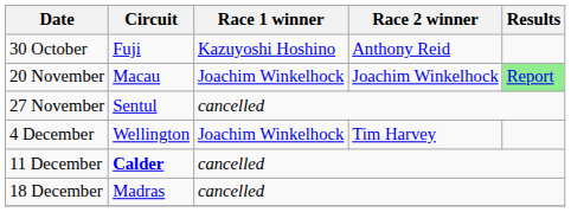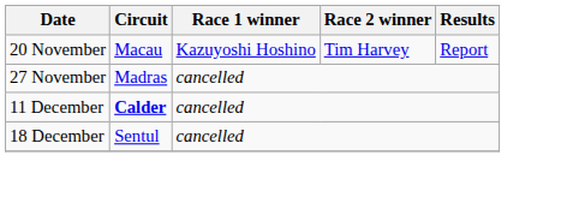 <table class="wikitable" style="font-size: 90%;">
 <tr Schedule>
 <th>Date</th>
 <th>Circuit</th>
 <th>Race 1 winner</th>
 <th>Race 2 winner</th>
 <th>Results</th>
 </tr>
 <tr>
-<td>30 October</td>
-<td> <a href='#'>Fuji</a></td>
-<td> <a href='#'>Kazuyoshi Hoshino</a></td>
-<td> <a href='#'>Anthony Reid</a></td>
-<td></td>
-</tr>
-<tr>
 <td>20 November</td>
 <td> <a href='#'>Macau</a></td>
-<td> <a href='#'>Joachim Winkelhock</a></td>
-<td> <a href='#'>Joachim Winkelhock</a></td>
-<td style="background: lightgreen;"><a href='#'>Report</a></td>
+<td> <a href='#'>Kazuyoshi Hoshino</a></td>
+<td> <a href='#'>Tim Harvey</a></td>
+<td><a href='#'>Report</a></td>
 </tr>
 <tr>
 <td>27 November</td>
-<td> <a href='#'>Sentul</a></td>
+<td> <a href='#'>Madras</a></td>
 <td colspan=3><em>cancelled</em></td>
-</tr>
-<tr>
-<td>4 December</td>
-<td> <a href='#'>Wellington</a></td>
-<td> <a href='#'>Joachim Winkelhock</a></td>
-<td> <a href='#'>Tim Harvey</a></td>
-<td></td>
 </tr>
 <tr>
 <td>11 December</td>
 <td><strong> <a href='#'>Calder</a></strong></td>
 <td colspan=3><em>cancelled</em></td>
 </tr>
 <tr>
 <td>18 December</td>
-<td> <a href='#'>Madras</a></td>
+<td> <a href='#'>Sentul</a></td>
 <td colspan=3><em>cancelled</em></td>
 </tr>
 <tr>
 </tr>
 </table>
